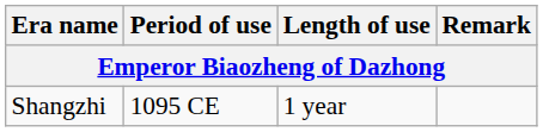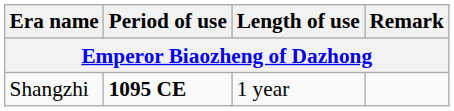 <table class="wikitable">
 <tr>
 <th>Era name</th>
 <th>Period of use</th>
 <th>Length of use</th>
 <th>Remark</th>
 </tr>
 <tr>
 <th colspan="4"><a href='#'>Emperor Biaozheng of Dazhong</a><br></th>
 </tr>
 <tr>
 <td>Shangzhi<br></td>
-<td>1095 CE</td>
+<td><strong>1095 CE</strong></td>
 <td>1 year</td>
 <td></td>
 </tr>
 </table>
